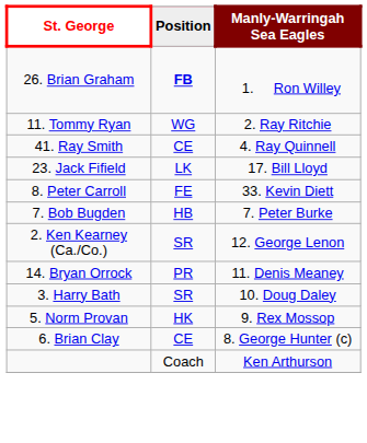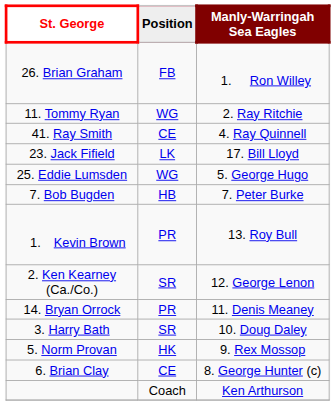 <table align="right" class="wikitable" style="font-size:90%; margin-left:1em">
 <tr bgcolor="#FF0033">
 <th style="width:140px; border:3px solid red; background: white; color: red">St. George</th>
 <th style="width:40px; text-align:center; background:#eee; color:black;">Position</th>
 <th style="width:140px; border:3px solid maroon; background: maroon; color: white">Manly-Warringah Sea Eagles</th>
 </tr>
 <tr align=center>
 <td>26. <a href='#'>Brian Graham</a></td>
-<td><strong><a href='#'>FB</a></strong></td>
+<td><a href='#'>FB</a></td>
 <td><br><ol><li><a href='#'>Ron Willey</a></li></ol></td>
 </tr>
 <tr align=center>
 <td>11. <a href='#'>Tommy Ryan</a></td>
 <td><a href='#'>WG</a></td>
 <td>2. <a href='#'>Ray Ritchie</a></td>
 </tr>
 <tr align=center>
 <td>41. <a href='#'>Ray Smith</a></td>
 <td><a href='#'>CE</a></td>
 <td>4. <a href='#'>Ray Quinnell</a></td>
 </tr>
 <tr align=center>
 <td>23. <a href='#'>Jack Fifield</a></td>
 <td><a href='#'>LK</a></td>
 <td>17. <a href='#'>Bill Lloyd</a></td>
 </tr>
 <tr align=center>
-<td>8. <a href='#'>Peter Carroll</a></td>
-<td><a href='#'>FE</a></td>
-<td>33. <a href='#'>Kevin Diett</a></td>
+<td>25. <a href='#'>Eddie Lumsden</a></td>
+<td><a href='#'>WG</a></td>
+<td>5. <a href='#'>George Hugo</a></td>
 </tr>
 <tr align=center>
 <td>7. <a href='#'>Bob Bugden</a></td>
 <td><a href='#'>HB</a></td>
 <td>7. <a href='#'>Peter Burke</a></td>
+</tr>
+<tr align=center>
+<td><br><ol><li><a href='#'>Kevin Brown</a></li></ol></td>
+<td><a href='#'>PR</a></td>
+<td>13. <a href='#'>Roy Bull</a></td>
 </tr>
 <tr align=center>
 <td>2. <a href='#'>Ken Kearney</a> (Ca./Co.)</td>
 <td><a href='#'>SR</a></td>
 <td>12. <a href='#'>George Lenon</a></td>
 </tr>
 <tr align=center>
 <td>14. <a href='#'>Bryan Orrock</a></td>
 <td><a href='#'>PR</a></td>
 <td>11. <a href='#'>Denis Meaney</a></td>
 </tr>
 <tr align=center>
 <td>3. <a href='#'>Harry Bath</a></td>
 <td><a href='#'>SR</a></td>
 <td>10. <a href='#'>Doug Daley</a></td>
 </tr>
 <tr align=center>
 <td>5. <a href='#'>Norm Provan</a></td>
 <td><a href='#'>HK</a></td>
 <td>9. <a href='#'>Rex Mossop</a></td>
 </tr>
 <tr align=center>
 <td>6. <a href='#'>Brian Clay</a></td>
 <td><a href='#'>CE</a></td>
 <td>8. <a href='#'>George Hunter</a> (c)</td>
 </tr>
 <tr align=center>
 <td></td>
 <td>Coach</td>
 <td><a href='#'>Ken Arthurson</a></td>
 </tr>
 <tr>
 </tr>
 </table>
